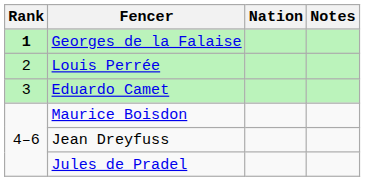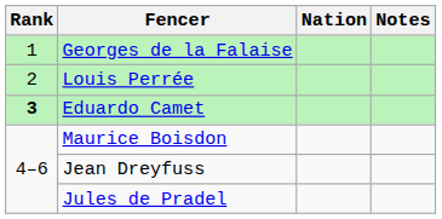 <table class="wikitable sortable" style="text-align:center">
 <tr>
 <th>Rank</th>
 <th>Fencer</th>
 <th>Nation</th>
 <th>Notes</th>
 </tr>
 <tr bgcolor=bbf3bb>
-<td><strong>1</strong></td>
+<td>1</td>
 <td align=left><a href='#'>Georges de la Falaise</a></td>
 <td align=left></td>
 <td></td>
 </tr>
 <tr bgcolor=bbf3bb>
 <td>2</td>
 <td align=left><a href='#'>Louis Perrée</a></td>
 <td align=left></td>
 <td></td>
 </tr>
 <tr bgcolor=bbf3bb>
-<td>3</td>
+<td><strong>3</strong></td>
 <td align=left><a href='#'>Eduardo Camet</a></td>
 <td align=left></td>
 <td></td>
 </tr>
 <tr>
 <td rowspan=3 align=center>4–6</td>
 <td align=left><a href='#'>Maurice Boisdon</a></td>
 <td align=left></td>
 <td></td>
 </tr>
 <tr>
 <td align=left>Jean Dreyfuss</td>
 <td align=left></td>
 <td></td>
 </tr>
 <tr>
 <td align=left><a href='#'>Jules de Pradel</a></td>
 <td align=left></td>
 <td></td>
 </tr>
 </table>
